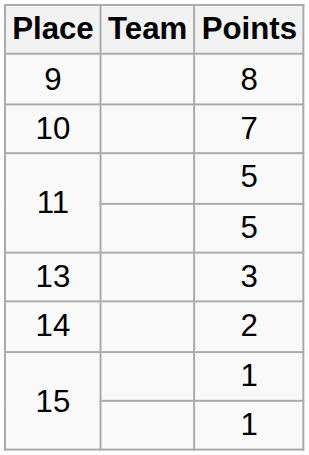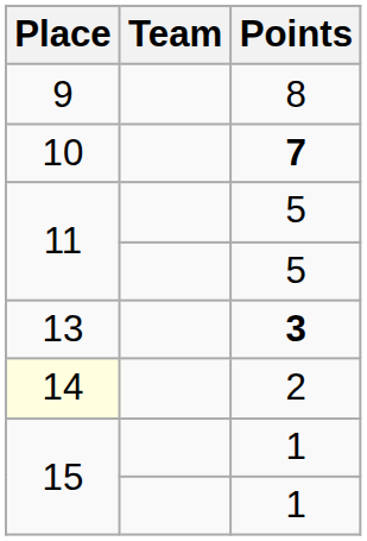 <table class="wikitable" style="text-align:center; padding-bottom:0;">
 <tr>
 <th>Place</th>
 <th style="text-align:left;">Team</th>
 <th>Points</th>
 </tr>
 <tr>
 <td>9</td>
 <td align=left></td>
 <td>8</td>
 </tr>
 <tr>
 <td>10</td>
 <td align=left></td>
-<td>7</td>
+<td><strong>7</strong></td>
 </tr>
 <tr>
 <td rowspan=2>11</td>
 <td align=left></td>
 <td>5</td>
 </tr>
 <tr>
 <td align=left></td>
 <td>5</td>
 </tr>
 <tr>
 <td>13</td>
 <td align=left></td>
-<td>3</td>
+<td><strong>3</strong></td>
 </tr>
 <tr>
-<td>14</td>
+<td style="background: lightyellow;">14</td>
 <td align=left></td>
 <td>2</td>
 </tr>
 <tr>
 <td rowspan=2>15</td>
 <td align=left></td>
 <td>1</td>
 </tr>
 <tr>
 <td align=left></td>
 <td>1</td>
 </tr>
 </table>
